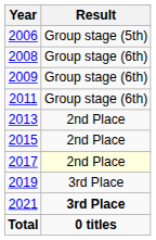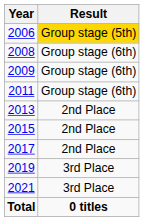 <table class="wikitable" style="text-align: center;">
 <tr>
 <th>Year</th>
 <th>Result</th>
 </tr>
 <tr>
 <td> <a href='#'>2006</a></td>
-<td>Group stage (5th)</td>
+<td style="background: gold;">Group stage (5th)</td>
 </tr>
 <tr>
 <td> <a href='#'>2008</a></td>
 <td>Group stage (6th)</td>
 </tr>
 <tr>
 <td> <a href='#'>2009</a></td>
 <td>Group stage (6th)</td>
 </tr>
 <tr>
 <td> <a href='#'>2011</a></td>
 <td>Group stage (6th)</td>
 </tr>
 <tr>
 <td> <a href='#'>2013</a></td>
 <td>2nd Place</td>
 </tr>
 <tr>
 <td> <a href='#'>2015</a></td>
 <td>2nd Place</td>
 </tr>
 <tr>
 <td> <a href='#'>2017</a></td>
-<td style="background: lightyellow;">2nd Place</td>
+<td>2nd Place</td>
 </tr>
 <tr>
 <td> <a href='#'>2019</a></td>
 <td>3rd Place</td>
 </tr>
 <tr>
 <td> <a href='#'>2021</a></td>
-<td><strong>3rd Place</strong></td>
+<td>3rd Place</td>
 </tr>
 <tr>
 <td><strong>Total</strong></td>
 <td><strong>0 titles</strong></td>
 </tr>
 </table>
